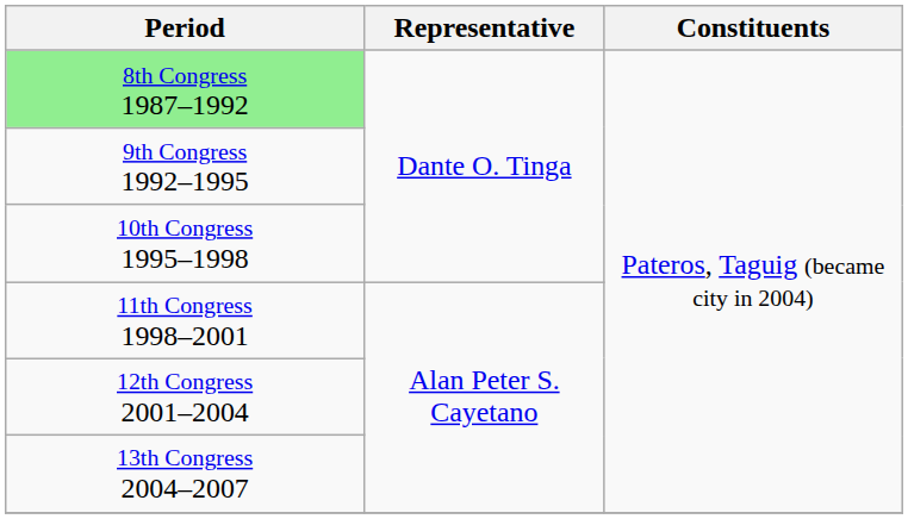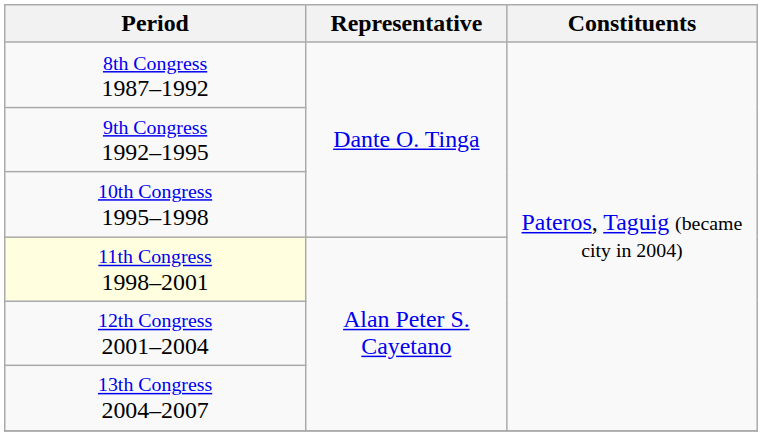 <table class="wikitable" style="text-align:center; width:40%;">
 <tr>
 <th width="40%">Period</th>
 <th>Representative</th>
 <th>Constituents</th>
 </tr>
 <tr>
-<td style="background: lightgreen;"><small><a href='#'>8th Congress</a></small><br>1987–1992</td>
+<td><small><a href='#'>8th Congress</a></small><br>1987–1992</td>
 <td rowspan="3"><a href='#'>Dante O. Tinga</a></td>
 <td rowspan="6"><a href='#'>Pateros</a>, <a href='#'>Taguig</a> <small>(became city in 2004)</small></td>
 </tr>
 <tr>
 <td><small><a href='#'>9th Congress</a></small><br>1992–1995</td>
 </tr>
 <tr>
 <td><small><a href='#'>10th Congress</a></small><br>1995–1998</td>
 </tr>
 <tr>
-<td><small><a href='#'>11th Congress</a></small><br>1998–2001</td>
+<td style="background: lightyellow;"><small><a href='#'>11th Congress</a></small><br>1998–2001</td>
 <td rowspan="3"><a href='#'>Alan Peter S. Cayetano</a></td>
 </tr>
 <tr>
 <td><small><a href='#'>12th Congress</a></small><br>2001–2004</td>
 </tr>
 <tr>
 <td><small><a href='#'>13th Congress</a></small><br>2004–2007</td>
 </tr>
 <tr>
 </tr>
 </table>
